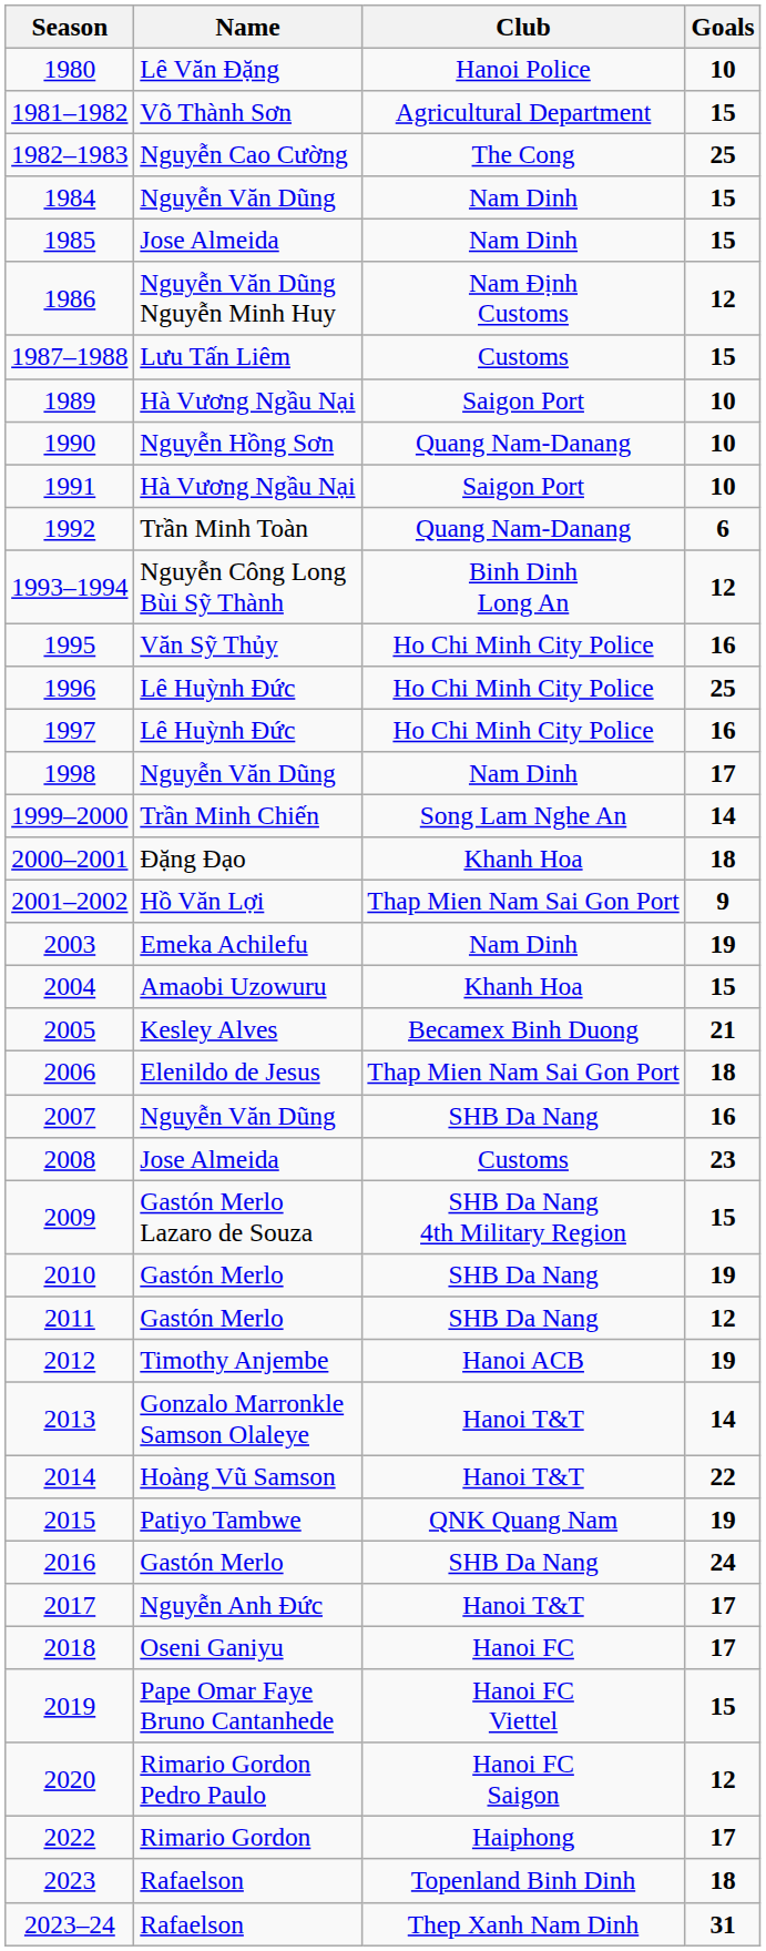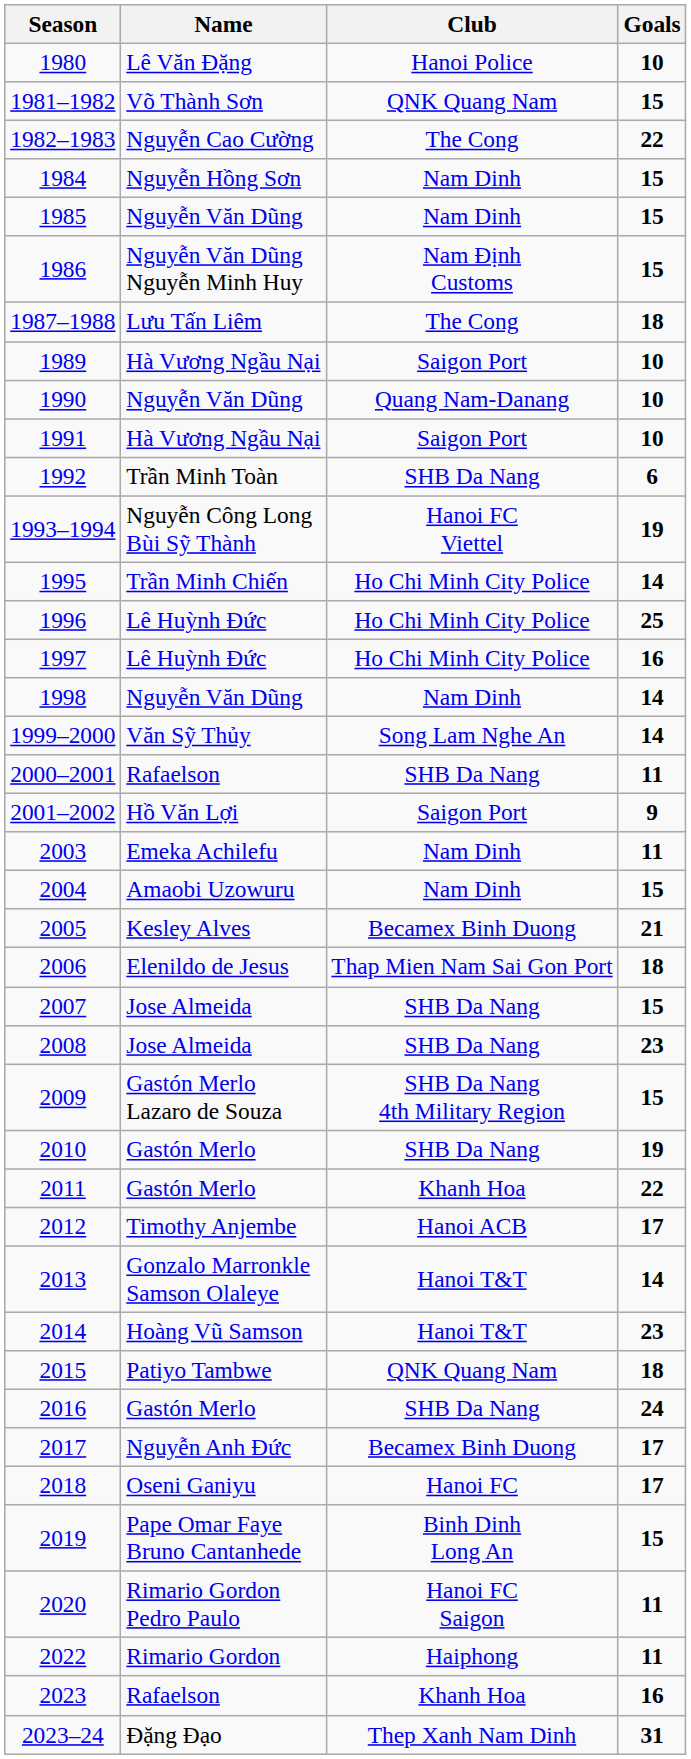 <table class="wikitable sortable" style="text-align:center; font-size:95%;">
 <tr>
 <th>Season</th>
 <th>Name</th>
 <th>Club</th>
 <th>Goals</th>
 </tr>
 <tr>
 <td><a href='#'>1980</a></td>
 <td align="left"> <a href='#'>Lê Văn Đặng</a></td>
 <td><a href='#'>Hanoi Police</a></td>
 <td><strong>10</strong></td>
 </tr>
 <tr>
 <td><a href='#'>1981–1982</a></td>
 <td align="left"> <a href='#'>Võ Thành Sơn</a></td>
-<td><a href='#'>Agricultural Department</a></td>
+<td><a href='#'>QNK Quang Nam</a></td>
 <td><strong>15</strong></td>
 </tr>
 <tr>
 <td><a href='#'>1982–1983</a></td>
 <td align="left"> <a href='#'>Nguyễn Cao Cường</a></td>
 <td><a href='#'>The Cong</a></td>
-<td><strong>25</strong></td>
+<td><strong>22</strong></td>
 </tr>
 <tr>
 <td><a href='#'>1984</a></td>
-<td align="left"> <a href='#'>Nguyễn Văn Dũng</a></td>
+<td align="left"> <a href='#'>Nguyễn Hồng Sơn</a></td>
 <td><a href='#'>Nam Dinh</a></td>
 <td><strong>15</strong></td>
 </tr>
 <tr>
 <td><a href='#'>1985</a></td>
-<td align="left"> <a href='#'>Jose Almeida</a></td>
+<td align="left"> <a href='#'>Nguyễn Văn Dũng</a></td>
 <td><a href='#'>Nam Dinh</a></td>
 <td><strong>15</strong></td>
 </tr>
 <tr>
 <td><a href='#'>1986</a></td>
 <td align="left"> <a href='#'>Nguyễn Văn Dũng</a> <br> Nguyễn Minh Huy</td>
 <td><a href='#'>Nam Định</a><br><a href='#'>Customs</a></td>
-<td><strong>12</strong></td>
+<td><strong>15</strong></td>
 </tr>
 <tr>
 <td><a href='#'>1987–1988</a></td>
 <td align="left"> <a href='#'>Lưu Tấn Liêm</a></td>
-<td><a href='#'>Customs</a></td>
-<td><strong>15</strong></td>
+<td><a href='#'>The Cong</a></td>
+<td><strong>18</strong></td>
 </tr>
 <tr>
 <td><a href='#'>1989</a></td>
 <td align="left"> <a href='#'>Hà Vương Ngầu Nại</a></td>
 <td><a href='#'>Saigon Port</a></td>
 <td><strong>10</strong></td>
 </tr>
 <tr>
 <td><a href='#'>1990</a></td>
-<td align="left"> <a href='#'>Nguyễn Hồng Sơn</a></td>
+<td align="left"> <a href='#'>Nguyễn Văn Dũng</a></td>
 <td><a href='#'>Quang Nam-Danang</a></td>
 <td><strong>10</strong></td>
 </tr>
 <tr>
 <td><a href='#'>1991</a></td>
 <td align="left"> <a href='#'>Hà Vương Ngầu Nại</a></td>
 <td><a href='#'>Saigon Port</a></td>
 <td><strong>10</strong></td>
 </tr>
 <tr>
 <td><a href='#'>1992</a></td>
 <td align="left"> Trần Minh Toàn</td>
-<td><a href='#'>Quang Nam-Danang</a></td>
+<td><a href='#'>SHB Da Nang</a></td>
 <td><strong>6</strong></td>
 </tr>
 <tr>
 <td><a href='#'>1993–1994</a></td>
 <td align="left"> Nguyễn Công Long<br>  <a href='#'>Bùi Sỹ Thành</a></td>
-<td><a href='#'>Binh Dinh</a><br><a href='#'>Long An</a></td>
-<td><strong>12</strong></td>
+<td><a href='#'>Hanoi FC</a><br><a href='#'>Viettel</a></td>
+<td><strong>19</strong></td>
 </tr>
 <tr>
 <td><a href='#'>1995</a></td>
-<td align="left"> <a href='#'>Văn Sỹ Thủy</a></td>
+<td align="left"> <a href='#'>Trần Minh Chiến</a></td>
 <td><a href='#'>Ho Chi Minh City Police</a></td>
-<td><strong>16</strong></td>
+<td><strong>14</strong></td>
 </tr>
 <tr>
 <td><a href='#'>1996</a></td>
 <td align="left"> <a href='#'>Lê Huỳnh Đức</a></td>
 <td><a href='#'>Ho Chi Minh City Police</a></td>
 <td><strong>25</strong></td>
 </tr>
 <tr>
 <td><a href='#'>1997</a></td>
 <td align="left"> <a href='#'>Lê Huỳnh Đức</a></td>
 <td><a href='#'>Ho Chi Minh City Police</a></td>
 <td><strong>16</strong></td>
 </tr>
 <tr>
 <td><a href='#'>1998</a></td>
 <td align="left"> <a href='#'>Nguyễn Văn Dũng</a></td>
 <td><a href='#'>Nam Dinh</a></td>
-<td><strong>17</strong></td>
+<td><strong>14</strong></td>
 </tr>
 <tr>
 <td><a href='#'>1999–2000</a></td>
-<td align="left"> <a href='#'>Trần Minh Chiến</a></td>
+<td align="left"> <a href='#'>Văn Sỹ Thủy</a></td>
 <td><a href='#'>Song Lam Nghe An</a></td>
 <td><strong>14</strong></td>
 </tr>
 <tr>
 <td><a href='#'>2000–2001</a></td>
-<td align="left"> Đặng Đạo</td>
-<td><a href='#'>Khanh Hoa</a></td>
-<td><strong>18</strong></td>
+<td align="left"> <a href='#'>Rafaelson</a></td>
+<td><a href='#'>SHB Da Nang</a></td>
+<td><strong>11</strong></td>
 </tr>
 <tr>
 <td><a href='#'>2001–2002</a></td>
 <td align="left"> <a href='#'>Hồ Văn Lợi</a></td>
-<td><a href='#'>Thap Mien Nam Sai Gon Port</a></td>
+<td><a href='#'>Saigon Port</a></td>
 <td><strong>9</strong></td>
 </tr>
 <tr>
 <td><a href='#'>2003</a></td>
 <td align="left"> <a href='#'>Emeka Achilefu</a></td>
 <td><a href='#'>Nam Dinh</a></td>
-<td><strong>19</strong></td>
+<td><strong>11</strong></td>
 </tr>
 <tr>
 <td><a href='#'>2004</a></td>
 <td align="left"> <a href='#'>Amaobi Uzowuru</a></td>
-<td><a href='#'>Khanh Hoa</a></td>
+<td><a href='#'>Nam Dinh</a></td>
 <td><strong>15</strong></td>
 </tr>
 <tr>
 <td><a href='#'>2005</a></td>
 <td align="left"> <a href='#'>Kesley Alves</a></td>
 <td><a href='#'>Becamex Binh Duong</a></td>
 <td><strong>21</strong></td>
 </tr>
 <tr>
 <td><a href='#'>2006</a></td>
 <td align="left"> <a href='#'>Elenildo de Jesus</a></td>
 <td><a href='#'>Thap Mien Nam Sai Gon Port</a></td>
 <td><strong>18</strong></td>
 </tr>
 <tr>
 <td><a href='#'>2007</a></td>
-<td align="left"> <a href='#'>Nguyễn Văn Dũng</a></td>
+<td align="left"> <a href='#'>Jose Almeida</a></td>
 <td><a href='#'>SHB Da Nang</a></td>
-<td><strong>16</strong></td>
+<td><strong>15</strong></td>
 </tr>
 <tr>
 <td><a href='#'>2008</a></td>
 <td align="left"> <a href='#'>Jose Almeida</a></td>
-<td><a href='#'>Customs</a></td>
+<td><a href='#'>SHB Da Nang</a></td>
 <td><strong>23</strong></td>
 </tr>
 <tr>
 <td><a href='#'>2009</a></td>
 <td align="left"> <a href='#'>Gastón Merlo</a><br> Lazaro de Souza</td>
 <td><a href='#'>SHB Da Nang</a><br><a href='#'>4th Military Region</a></td>
 <td><strong>15</strong></td>
 </tr>
 <tr>
 <td><a href='#'>2010</a></td>
 <td align="left"> <a href='#'>Gastón Merlo</a></td>
 <td><a href='#'>SHB Da Nang</a></td>
 <td><strong>19</strong></td>
 </tr>
 <tr>
 <td><a href='#'>2011</a></td>
 <td align="left"> <a href='#'>Gastón Merlo</a></td>
-<td><a href='#'>SHB Da Nang</a></td>
-<td><strong>12</strong></td>
+<td><a href='#'>Khanh Hoa</a></td>
+<td><strong>22</strong></td>
 </tr>
 <tr>
 <td><a href='#'>2012</a></td>
 <td align="left"> <a href='#'>Timothy Anjembe</a></td>
 <td><a href='#'>Hanoi ACB</a></td>
-<td><strong>19</strong></td>
+<td><strong>17</strong></td>
 </tr>
 <tr>
 <td><a href='#'>2013</a></td>
 <td align="left"> <a href='#'>Gonzalo Marronkle</a><br> <a href='#'>Samson Olaleye</a></td>
 <td><a href='#'>Hanoi T&T</a></td>
 <td><strong>14</strong></td>
 </tr>
 <tr>
 <td><a href='#'>2014</a></td>
 <td align="left"> <a href='#'>Hoàng Vũ Samson</a></td>
 <td><a href='#'>Hanoi T&T</a></td>
-<td><strong>22</strong></td>
+<td><strong>23</strong></td>
 </tr>
 <tr>
 <td><a href='#'>2015</a></td>
 <td align="left"> <a href='#'>Patiyo Tambwe</a></td>
 <td><a href='#'>QNK Quang Nam</a></td>
-<td><strong>19</strong></td>
+<td><strong>18</strong></td>
 </tr>
 <tr>
 <td><a href='#'>2016</a></td>
 <td align="left"> <a href='#'>Gastón Merlo</a></td>
 <td><a href='#'>SHB Da Nang</a></td>
 <td><strong>24</strong></td>
 </tr>
 <tr>
 <td><a href='#'>2017</a></td>
 <td align="left"> <a href='#'>Nguyễn Anh Đức</a></td>
-<td><a href='#'>Hanoi T&T</a></td>
+<td><a href='#'>Becamex Binh Duong</a></td>
 <td><strong>17</strong></td>
 </tr>
 <tr>
 <td><a href='#'>2018</a></td>
 <td align="left"> <a href='#'>Oseni Ganiyu</a></td>
 <td><a href='#'>Hanoi FC</a></td>
 <td><strong>17</strong></td>
 </tr>
 <tr>
 <td><a href='#'>2019</a></td>
 <td align="left"> <a href='#'>Pape Omar Faye</a><br> <a href='#'>Bruno Cantanhede</a></td>
-<td><a href='#'>Hanoi FC</a><br><a href='#'>Viettel</a></td>
+<td><a href='#'>Binh Dinh</a><br><a href='#'>Long An</a></td>
 <td><strong>15</strong></td>
 </tr>
 <tr>
 <td><a href='#'>2020</a></td>
 <td align="left"> <a href='#'>Rimario Gordon</a><br>  <a href='#'>Pedro Paulo</a></td>
 <td><a href='#'>Hanoi FC</a><br> <a href='#'>Saigon</a></td>
-<td><strong>12</strong></td>
+<td><strong>11</strong></td>
 </tr>
 <tr>
 <td><a href='#'>2022</a></td>
 <td align="left"> <a href='#'>Rimario Gordon</a></td>
 <td><a href='#'>Haiphong</a></td>
-<td><strong>17</strong></td>
+<td><strong>11</strong></td>
 </tr>
 <tr>
 <td><a href='#'>2023</a></td>
 <td align="left"> <a href='#'>Rafaelson</a></td>
-<td><a href='#'>Topenland Binh Dinh</a></td>
-<td><strong>18</strong></td>
+<td><a href='#'>Khanh Hoa</a></td>
+<td><strong>16</strong></td>
 </tr>
 <tr>
 <td><a href='#'>2023–24</a></td>
-<td align="left"> <a href='#'>Rafaelson</a></td>
+<td align="left"> Đặng Đạo</td>
 <td><a href='#'>Thep Xanh Nam Dinh</a></td>
 <td><strong>31</strong></td>
 </tr>
 </table>
